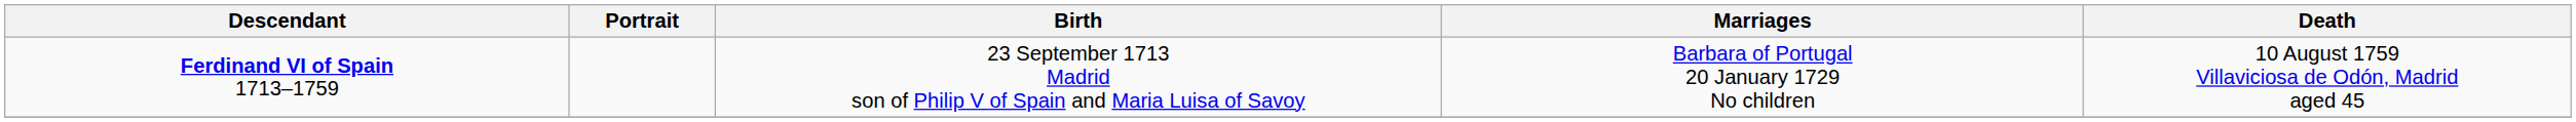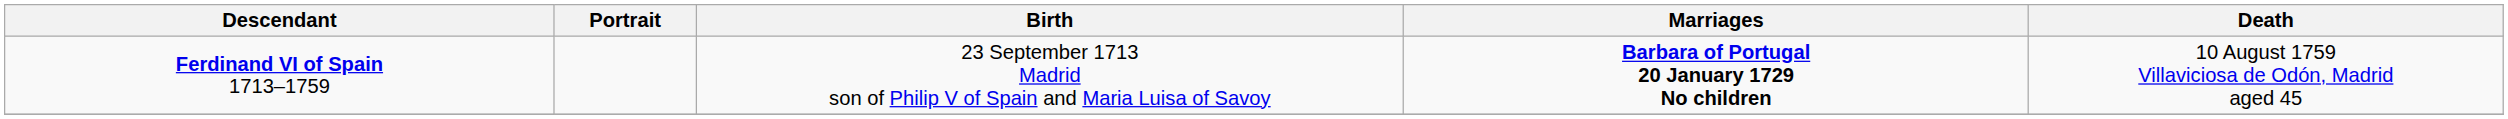 <table style="text-align:center; width:100%" class="wikitable">
 <tr>
 <th width=22%>Descendant</th>
 <th width=105px>Portrait</th>
 <th>Birth</th>
 <th width=25%>Marriages</th>
 <th width=19%>Death</th>
 </tr>
 <tr>
 <td><strong><a href='#'>Ferdinand VI of Spain</a></strong><br>1713–1759</td>
 <td></td>
 <td>23 September 1713<br><a href='#'>Madrid</a><br>son of <a href='#'>Philip V of Spain</a> and <a href='#'>Maria Luisa of Savoy</a></td>
-<td><a href='#'>Barbara of Portugal</a><br>20 January 1729<br>No children</td>
+<td><strong><a href='#'>Barbara of Portugal</a><br>20 January 1729<br>No children</strong></td>
 <td>10 August 1759<br><a href='#'>Villaviciosa de Odón, Madrid</a><br>aged 45</td>
 </tr>
 <tr>
 </tr>
 </table>
